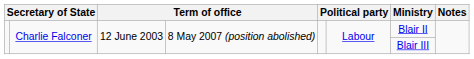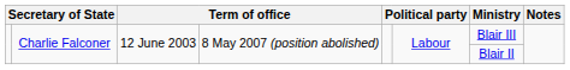 <table class="wikitable" style="text-align:center">
 <tr>
 <th colspan=2>Secretary of State</th>
 <th colspan=2>Term of office</th>
 <th colspan=2>Political party</th>
 <th>Ministry</th>
 <th>Notes</th>
 </tr>
 <tr style="height:1em">
 <td rowspan=2></td>
 <td rowspan=2><a href='#'>Charlie Falconer</a></td>
 <td rowspan=2>12 June 2003</td>
 <td rowspan=2>8 May 2007 <em>(position abolished)</em></td>
 <td rowspan=2 style="background-color:"></td>
 <td rowspan=2><a href='#'>Labour</a></td>
-<td><a href='#'>Blair II</a></td>
+<td><a href='#'>Blair III</a></td>
 <td rowspan=2></td>
 </tr>
 <tr>
-<td><a href='#'>Blair III</a></td>
+<td><a href='#'>Blair II</a></td>
 </tr>
 </table>
